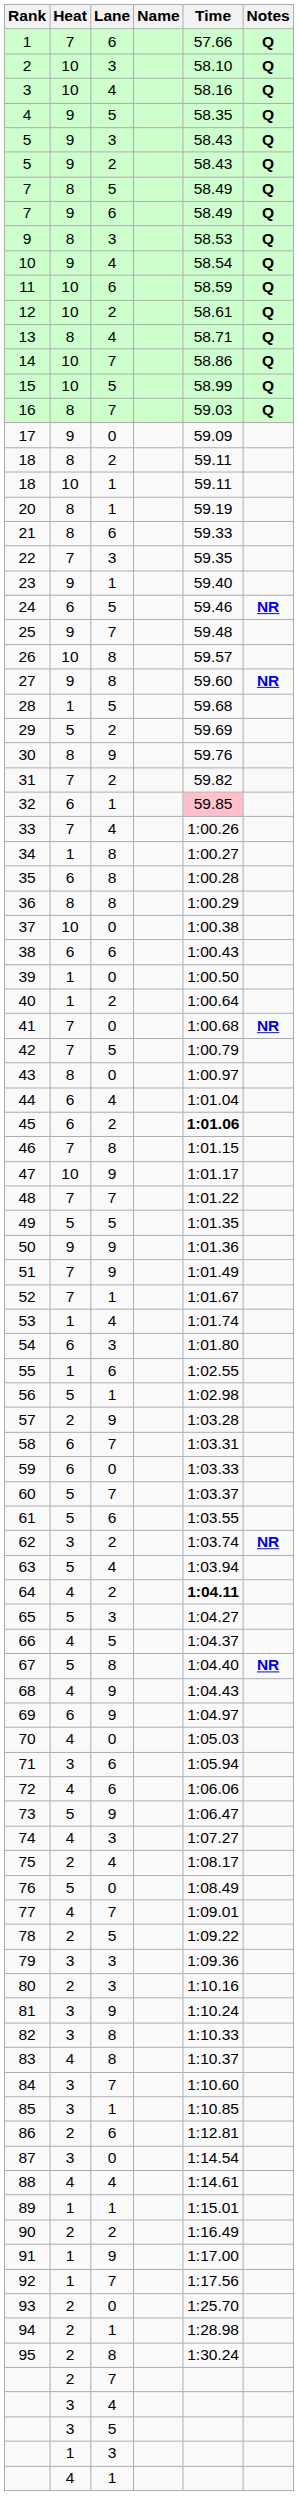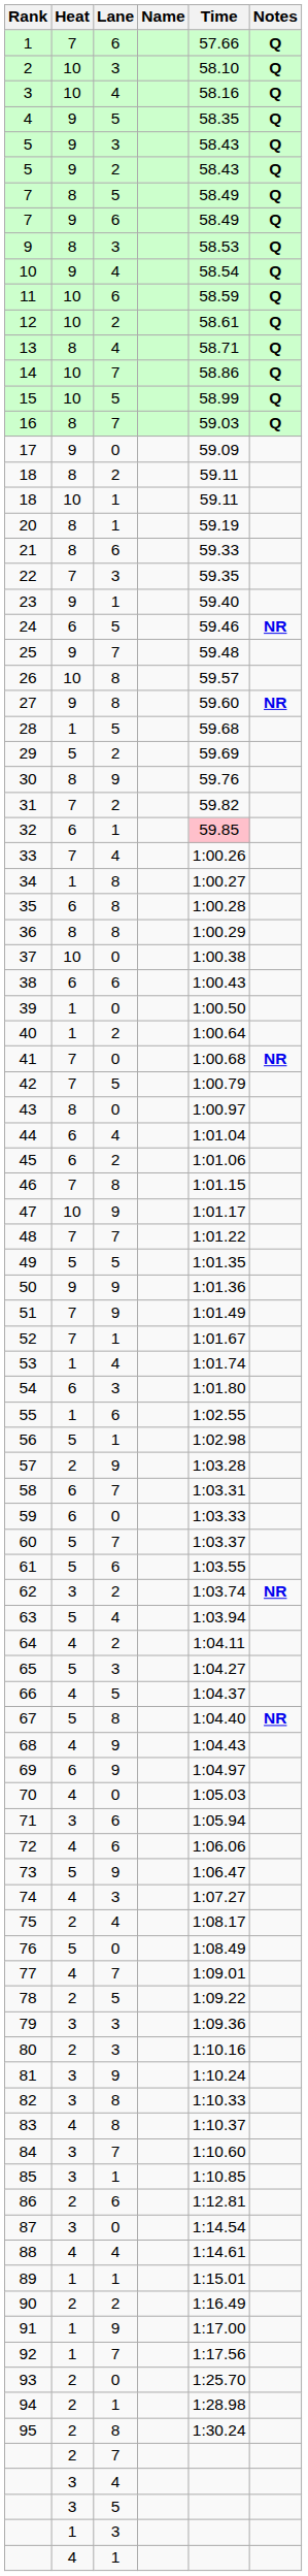 <table class="wikitable sortable" style="text-align:center">
 <tr>
 <th>Rank</th>
 <th>Heat</th>
 <th>Lane</th>
 <th>Name</th>
 <th>Time</th>
 <th>Notes</th>
 </tr>
 <tr bgcolor=ccffcc>
 <td>1</td>
 <td>7</td>
 <td>6</td>
 <td align=left></td>
 <td>57.66</td>
 <td><strong>Q</strong></td>
 </tr>
 <tr bgcolor=ccffcc>
 <td>2</td>
 <td>10</td>
 <td>3</td>
 <td align=left></td>
 <td>58.10</td>
 <td><strong>Q</strong></td>
 </tr>
 <tr bgcolor=ccffcc>
 <td>3</td>
 <td>10</td>
 <td>4</td>
 <td align=left></td>
 <td>58.16</td>
 <td><strong>Q</strong></td>
 </tr>
 <tr bgcolor=ccffcc>
 <td>4</td>
 <td>9</td>
 <td>5</td>
 <td align=left></td>
 <td>58.35</td>
 <td><strong>Q</strong></td>
 </tr>
 <tr bgcolor=ccffcc>
 <td>5</td>
 <td>9</td>
 <td>3</td>
 <td align=left></td>
 <td>58.43</td>
 <td><strong>Q</strong></td>
 </tr>
 <tr bgcolor=ccffcc>
 <td>5</td>
 <td>9</td>
 <td>2</td>
 <td align=left></td>
 <td>58.43</td>
 <td><strong>Q</strong></td>
 </tr>
 <tr bgcolor=ccffcc>
 <td>7</td>
 <td>8</td>
 <td>5</td>
 <td align=left></td>
 <td>58.49</td>
 <td><strong>Q</strong></td>
 </tr>
 <tr bgcolor=ccffcc>
 <td>7</td>
 <td>9</td>
 <td>6</td>
 <td align=left></td>
 <td>58.49</td>
 <td><strong>Q</strong></td>
 </tr>
 <tr bgcolor=ccffcc>
 <td>9</td>
 <td>8</td>
 <td>3</td>
 <td align=left></td>
 <td>58.53</td>
 <td><strong>Q</strong></td>
 </tr>
 <tr bgcolor=ccffcc>
 <td>10</td>
 <td>9</td>
 <td>4</td>
 <td align=left></td>
 <td>58.54</td>
 <td><strong>Q</strong></td>
 </tr>
 <tr bgcolor=ccffcc>
 <td>11</td>
 <td>10</td>
 <td>6</td>
 <td align=left></td>
 <td>58.59</td>
 <td><strong>Q</strong></td>
 </tr>
 <tr bgcolor=ccffcc>
 <td>12</td>
 <td>10</td>
 <td>2</td>
 <td align=left></td>
 <td>58.61</td>
 <td><strong>Q</strong></td>
 </tr>
 <tr bgcolor=ccffcc>
 <td>13</td>
 <td>8</td>
 <td>4</td>
 <td align=left></td>
 <td>58.71</td>
 <td><strong>Q</strong></td>
 </tr>
 <tr bgcolor=ccffcc>
 <td>14</td>
 <td>10</td>
 <td>7</td>
 <td align=left></td>
 <td>58.86</td>
 <td><strong>Q</strong></td>
 </tr>
 <tr bgcolor=ccffcc>
 <td>15</td>
 <td>10</td>
 <td>5</td>
 <td align=left></td>
 <td>58.99</td>
 <td><strong>Q</strong></td>
 </tr>
 <tr bgcolor=ccffcc>
 <td>16</td>
 <td>8</td>
 <td>7</td>
 <td align=left></td>
 <td>59.03</td>
 <td><strong>Q</strong></td>
 </tr>
 <tr>
 <td>17</td>
 <td>9</td>
 <td>0</td>
 <td align=left></td>
 <td>59.09</td>
 <td></td>
 </tr>
 <tr>
 <td>18</td>
 <td>8</td>
 <td>2</td>
 <td align=left></td>
 <td>59.11</td>
 <td></td>
 </tr>
 <tr>
 <td>18</td>
 <td>10</td>
 <td>1</td>
 <td align=left></td>
 <td>59.11</td>
 <td></td>
 </tr>
 <tr>
 <td>20</td>
 <td>8</td>
 <td>1</td>
 <td align=left></td>
 <td>59.19</td>
 <td></td>
 </tr>
 <tr>
 <td>21</td>
 <td>8</td>
 <td>6</td>
 <td align=left></td>
 <td>59.33</td>
 <td></td>
 </tr>
 <tr>
 <td>22</td>
 <td>7</td>
 <td>3</td>
 <td align=left></td>
 <td>59.35</td>
 <td></td>
 </tr>
 <tr>
 <td>23</td>
 <td>9</td>
 <td>1</td>
 <td align=left></td>
 <td>59.40</td>
 <td></td>
 </tr>
 <tr>
 <td>24</td>
 <td>6</td>
 <td>5</td>
 <td align=left></td>
 <td>59.46</td>
 <td><strong><a href='#'>NR</a></strong></td>
 </tr>
 <tr>
 <td>25</td>
 <td>9</td>
 <td>7</td>
 <td align=left></td>
 <td>59.48</td>
 <td></td>
 </tr>
 <tr>
 <td>26</td>
 <td>10</td>
 <td>8</td>
 <td align=left></td>
 <td>59.57</td>
 <td></td>
 </tr>
 <tr>
 <td>27</td>
 <td>9</td>
 <td>8</td>
 <td align=left></td>
 <td>59.60</td>
 <td><strong><a href='#'>NR</a></strong></td>
 </tr>
 <tr>
 <td>28</td>
 <td>1</td>
 <td>5</td>
 <td align=left></td>
 <td>59.68</td>
 <td></td>
 </tr>
 <tr>
 <td>29</td>
 <td>5</td>
 <td>2</td>
 <td align=left></td>
 <td>59.69</td>
 <td></td>
 </tr>
 <tr>
 <td>30</td>
 <td>8</td>
 <td>9</td>
 <td align=left></td>
 <td>59.76</td>
 <td></td>
 </tr>
 <tr>
 <td>31</td>
 <td>7</td>
 <td>2</td>
 <td align=left></td>
 <td>59.82</td>
 <td></td>
 </tr>
 <tr>
 <td>32</td>
 <td>6</td>
 <td>1</td>
 <td align=left></td>
 <td style="background: pink;">59.85</td>
 <td></td>
 </tr>
 <tr>
 <td>33</td>
 <td>7</td>
 <td>4</td>
 <td align=left></td>
 <td>1:00.26</td>
 <td></td>
 </tr>
 <tr>
 <td>34</td>
 <td>1</td>
 <td>8</td>
 <td align=left></td>
 <td>1:00.27</td>
 <td></td>
 </tr>
 <tr>
 <td>35</td>
 <td>6</td>
 <td>8</td>
 <td align=left></td>
 <td>1:00.28</td>
 <td></td>
 </tr>
 <tr>
 <td>36</td>
 <td>8</td>
 <td>8</td>
 <td align=left></td>
 <td>1:00.29</td>
 <td></td>
 </tr>
 <tr>
 <td>37</td>
 <td>10</td>
 <td>0</td>
 <td align=left></td>
 <td>1:00.38</td>
 <td></td>
 </tr>
 <tr>
 <td>38</td>
 <td>6</td>
 <td>6</td>
 <td align=left></td>
 <td>1:00.43</td>
 <td></td>
 </tr>
 <tr>
 <td>39</td>
 <td>1</td>
 <td>0</td>
 <td align=left></td>
 <td>1:00.50</td>
 <td></td>
 </tr>
 <tr>
 <td>40</td>
 <td>1</td>
 <td>2</td>
 <td align=left></td>
 <td>1:00.64</td>
 <td></td>
 </tr>
 <tr>
 <td>41</td>
 <td>7</td>
 <td>0</td>
 <td align=left></td>
 <td>1:00.68</td>
 <td><strong><a href='#'>NR</a></strong></td>
 </tr>
 <tr>
 <td>42</td>
 <td>7</td>
 <td>5</td>
 <td align=left></td>
 <td>1:00.79</td>
 <td></td>
 </tr>
 <tr>
 <td>43</td>
 <td>8</td>
 <td>0</td>
 <td align=left></td>
 <td>1:00.97</td>
 <td></td>
 </tr>
 <tr>
 <td>44</td>
 <td>6</td>
 <td>4</td>
 <td align=left></td>
 <td>1:01.04</td>
 <td></td>
 </tr>
 <tr>
 <td>45</td>
 <td>6</td>
 <td>2</td>
 <td align=left></td>
-<td><strong>1:01.06</strong></td>
+<td>1:01.06</td>
 <td></td>
 </tr>
 <tr>
 <td>46</td>
 <td>7</td>
 <td>8</td>
 <td align=left></td>
 <td>1:01.15</td>
 <td></td>
 </tr>
 <tr>
 <td>47</td>
 <td>10</td>
 <td>9</td>
 <td align=left></td>
 <td>1:01.17</td>
 <td></td>
 </tr>
 <tr>
 <td>48</td>
 <td>7</td>
 <td>7</td>
 <td align=left></td>
 <td>1:01.22</td>
 <td></td>
 </tr>
 <tr>
 <td>49</td>
 <td>5</td>
 <td>5</td>
 <td align=left></td>
 <td>1:01.35</td>
 <td></td>
 </tr>
 <tr>
 <td>50</td>
 <td>9</td>
 <td>9</td>
 <td align=left></td>
 <td>1:01.36</td>
 <td></td>
 </tr>
 <tr>
 <td>51</td>
 <td>7</td>
 <td>9</td>
 <td align=left></td>
 <td>1:01.49</td>
 <td></td>
 </tr>
 <tr>
 <td>52</td>
 <td>7</td>
 <td>1</td>
 <td align=left></td>
 <td>1:01.67</td>
 <td></td>
 </tr>
 <tr>
 <td>53</td>
 <td>1</td>
 <td>4</td>
 <td align=left></td>
 <td>1:01.74</td>
 <td></td>
 </tr>
 <tr>
 <td>54</td>
 <td>6</td>
 <td>3</td>
 <td align=left></td>
 <td>1:01.80</td>
 <td></td>
 </tr>
 <tr>
 <td>55</td>
 <td>1</td>
 <td>6</td>
 <td align=left></td>
 <td>1:02.55</td>
 <td></td>
 </tr>
 <tr>
 <td>56</td>
 <td>5</td>
 <td>1</td>
 <td align=left></td>
 <td>1:02.98</td>
 <td></td>
 </tr>
 <tr>
 <td>57</td>
 <td>2</td>
 <td>9</td>
 <td align=left></td>
 <td>1:03.28</td>
 <td></td>
 </tr>
 <tr>
 <td>58</td>
 <td>6</td>
 <td>7</td>
 <td align=left></td>
 <td>1:03.31</td>
 <td></td>
 </tr>
 <tr>
 <td>59</td>
 <td>6</td>
 <td>0</td>
 <td align=left></td>
 <td>1:03.33</td>
 <td></td>
 </tr>
 <tr>
 <td>60</td>
 <td>5</td>
 <td>7</td>
 <td align=left></td>
 <td>1:03.37</td>
 <td></td>
 </tr>
 <tr>
 <td>61</td>
 <td>5</td>
 <td>6</td>
 <td align=left></td>
 <td>1:03.55</td>
 <td></td>
 </tr>
 <tr>
 <td>62</td>
 <td>3</td>
 <td>2</td>
 <td align=left></td>
 <td>1:03.74</td>
 <td><strong><a href='#'>NR</a></strong></td>
 </tr>
 <tr>
 <td>63</td>
 <td>5</td>
 <td>4</td>
 <td align=left></td>
 <td>1:03.94</td>
 <td></td>
 </tr>
 <tr>
 <td>64</td>
 <td>4</td>
 <td>2</td>
 <td align=left></td>
-<td><strong>1:04.11</strong></td>
+<td>1:04.11</td>
 <td></td>
 </tr>
 <tr>
 <td>65</td>
 <td>5</td>
 <td>3</td>
 <td align=left></td>
 <td>1:04.27</td>
 <td></td>
 </tr>
 <tr>
 <td>66</td>
 <td>4</td>
 <td>5</td>
 <td align=left></td>
 <td>1:04.37</td>
 <td></td>
 </tr>
 <tr>
 <td>67</td>
 <td>5</td>
 <td>8</td>
 <td align=left></td>
 <td>1:04.40</td>
 <td><strong><a href='#'>NR</a></strong></td>
 </tr>
 <tr>
 <td>68</td>
 <td>4</td>
 <td>9</td>
 <td align=left></td>
 <td>1:04.43</td>
 <td></td>
 </tr>
 <tr>
 <td>69</td>
 <td>6</td>
 <td>9</td>
 <td align=left></td>
 <td>1:04.97</td>
 <td></td>
 </tr>
 <tr>
 <td>70</td>
 <td>4</td>
 <td>0</td>
 <td align=left></td>
 <td>1:05.03</td>
 <td></td>
 </tr>
 <tr>
 <td>71</td>
 <td>3</td>
 <td>6</td>
 <td align=left></td>
 <td>1:05.94</td>
 <td></td>
 </tr>
 <tr>
 <td>72</td>
 <td>4</td>
 <td>6</td>
 <td align=left></td>
 <td>1:06.06</td>
 <td></td>
 </tr>
 <tr>
 <td>73</td>
 <td>5</td>
 <td>9</td>
 <td align=left></td>
 <td>1:06.47</td>
 <td></td>
 </tr>
 <tr>
 <td>74</td>
 <td>4</td>
 <td>3</td>
 <td align=left></td>
 <td>1:07.27</td>
 <td></td>
 </tr>
 <tr>
 <td>75</td>
 <td>2</td>
 <td>4</td>
 <td align=left></td>
 <td>1:08.17</td>
 <td></td>
 </tr>
 <tr>
 <td>76</td>
 <td>5</td>
 <td>0</td>
 <td align=left></td>
 <td>1:08.49</td>
 <td></td>
 </tr>
 <tr>
 <td>77</td>
 <td>4</td>
 <td>7</td>
 <td align=left></td>
 <td>1:09.01</td>
 <td></td>
 </tr>
 <tr>
 <td>78</td>
 <td>2</td>
 <td>5</td>
 <td align=left></td>
 <td>1:09.22</td>
 <td></td>
 </tr>
 <tr>
 <td>79</td>
 <td>3</td>
 <td>3</td>
 <td align=left></td>
 <td>1:09.36</td>
 <td></td>
 </tr>
 <tr>
 <td>80</td>
 <td>2</td>
 <td>3</td>
 <td align=left></td>
 <td>1:10.16</td>
 <td></td>
 </tr>
 <tr>
 <td>81</td>
 <td>3</td>
 <td>9</td>
 <td align=left></td>
 <td>1:10.24</td>
 <td></td>
 </tr>
 <tr>
 <td>82</td>
 <td>3</td>
 <td>8</td>
 <td align=left></td>
 <td>1:10.33</td>
 <td></td>
 </tr>
 <tr>
 <td>83</td>
 <td>4</td>
 <td>8</td>
 <td align=left></td>
 <td>1:10.37</td>
 <td></td>
 </tr>
 <tr>
 <td>84</td>
 <td>3</td>
 <td>7</td>
 <td align=left></td>
 <td>1:10.60</td>
 <td></td>
 </tr>
 <tr>
 <td>85</td>
 <td>3</td>
 <td>1</td>
 <td align=left></td>
 <td>1:10.85</td>
 <td></td>
 </tr>
 <tr>
 <td>86</td>
 <td>2</td>
 <td>6</td>
 <td align=left></td>
 <td>1:12.81</td>
 <td></td>
 </tr>
 <tr>
 <td>87</td>
 <td>3</td>
 <td>0</td>
 <td align=left></td>
 <td>1:14.54</td>
 <td></td>
 </tr>
 <tr>
 <td>88</td>
 <td>4</td>
 <td>4</td>
 <td align=left></td>
 <td>1:14.61</td>
 <td></td>
 </tr>
 <tr>
 <td>89</td>
 <td>1</td>
 <td>1</td>
 <td align=left></td>
 <td>1:15.01</td>
 <td></td>
 </tr>
 <tr>
 <td>90</td>
 <td>2</td>
 <td>2</td>
 <td align=left></td>
 <td>1:16.49</td>
 <td></td>
 </tr>
 <tr>
 <td>91</td>
 <td>1</td>
 <td>9</td>
 <td align=left></td>
 <td>1:17.00</td>
 <td></td>
 </tr>
 <tr>
 <td>92</td>
 <td>1</td>
 <td>7</td>
 <td align=left></td>
 <td>1:17.56</td>
 <td></td>
 </tr>
 <tr>
 <td>93</td>
 <td>2</td>
 <td>0</td>
 <td align=left></td>
 <td>1:25.70</td>
 <td></td>
 </tr>
 <tr>
 <td>94</td>
 <td>2</td>
 <td>1</td>
 <td align=left></td>
 <td>1:28.98</td>
 <td></td>
 </tr>
 <tr>
 <td>95</td>
 <td>2</td>
 <td>8</td>
 <td align=left></td>
 <td>1:30.24</td>
 <td></td>
 </tr>
 <tr>
 <td></td>
 <td>2</td>
 <td>7</td>
 <td align=left></td>
 <td></td>
 <td></td>
 </tr>
 <tr>
 <td></td>
 <td>3</td>
 <td>4</td>
 <td align=left></td>
 <td></td>
 <td></td>
 </tr>
 <tr>
 <td></td>
 <td>3</td>
 <td>5</td>
 <td align=left></td>
 <td></td>
 <td></td>
 </tr>
 <tr>
 <td></td>
 <td>1</td>
 <td>3</td>
 <td align=left></td>
 <td></td>
 <td></td>
 </tr>
 <tr>
 <td></td>
 <td>4</td>
 <td>1</td>
 <td align=left></td>
 <td></td>
 <td></td>
 </tr>
 </table>
